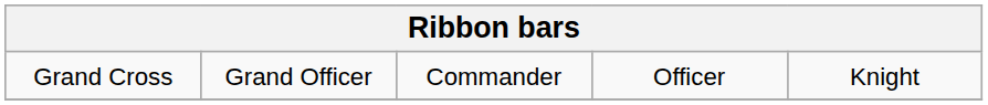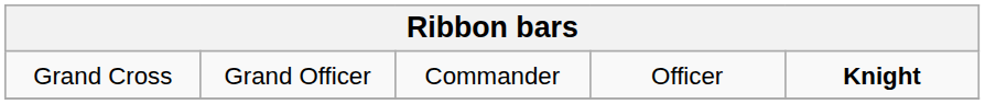 <table align=center class=wikitable width=60%>
 <tr>
 <th colspan=5>Ribbon bars</th>
 </tr>
 <tr>
 <td width=20% valign=top align=center><small>Grand Cross</small></td>
 <td width=20% valign=top align=center><small>Grand Officer</small></td>
 <td width=20% valign=top align=center><small>Commander</small></td>
 <td width=20% valign=top align=center><small>Officer</small></td>
-<td width=20% valign=top align=center><small>Knight</small></td>
+<td width=20% valign=top align=center><strong><small>Knight</small></strong></td>
 </tr>
 <tr>
 </tr>
 </table>
